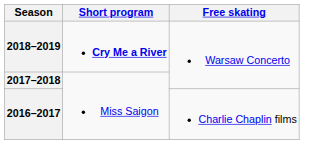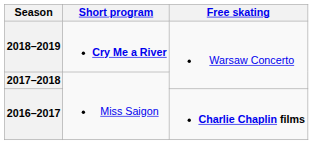 <table class=wikitable style=text-align:center>
 <tr>
 <th>Season</th>
 <th><a href='#'>Short program</a></th>
 <th><a href='#'>Free skating</a></th>
 </tr>
 <tr>
 <th>2018–2019 <br> </th>
 <td><strong><br><ul><li><a href='#'>Cry Me a River</a> <br> </li></ul></strong></td>
 <td rowspan=2><br><ul><li><a href='#'>Warsaw Concerto</a> <br></li></ul></td>
 </tr>
 <tr>
 <th>2017–2018 <br> </th>
 <td rowspan=2><br><ul><li><a href='#'>Miss Saigon</a> <br></li></ul></td>
 </tr>
 <tr>
 <th>2016–2017 <br> </th>
-<td><br><ul><li><a href='#'>Charlie Chaplin</a> films</li></ul></td>
+<td><strong><br><ul><li><a href='#'>Charlie Chaplin</a> films</li></ul></strong></td>
 </tr>
 </table>
